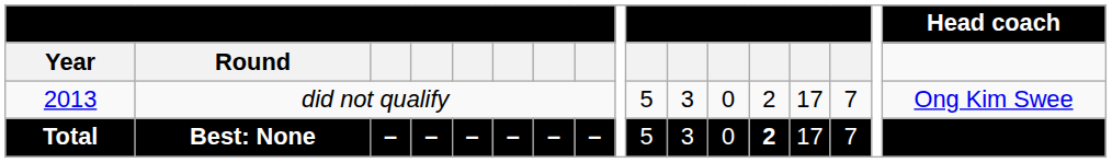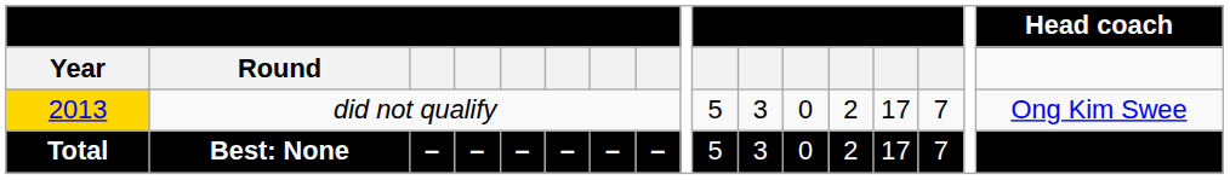 <table class="wikitable" style="text-align:center;">
 <tr>
 <th colspan=8 style="background: #000000; color: #FFFFFF;"><a href='#'></a></th>
 <th style="width:1%; background:#FFFFFF;" rowspan="25"></th>
 <th colspan=6 style="background: #000000; color: #FFFFFF;"><a href='#'></a></th>
 <th style="width:1%; background:#FFFFFF;" rowspan="25"></th>
 <th colspan=2 style="background: #000000; color: #FFFFFF;">Head coach</th>
 </tr>
 <tr>
 <th width=80>Year</th>
 <th width=150>Round</th>
 <th width=20></th>
 <th width="20"></th>
 <th width="20"></th>
 <th width="20"></th>
 <th width="20"></th>
 <th width="20"></th>
 <th width="20"></th>
 <th width="20"></th>
 <th width="20"></th>
 <th width="20"></th>
 <th width="20"></th>
 <th width="20"></th>
 </tr>
 <tr>
-<td> <a href='#'>2013</a></td>
+<td style="background: gold;"> <a href='#'>2013</a></td>
 <td colspan="7"><em>did not qualify</em></td>
 <td>5</td>
 <td>3</td>
 <td>0</td>
 <td>2</td>
 <td>17</td>
 <td>7</td>
 <td> <a href='#'>Ong Kim Swee</a></td>
 </tr>
 <tr>
 <td style="background: #000000; color: #FFFFFF;"><strong>Total</strong></td>
 <td style="background: #000000; color: #FFFFFF;"><strong>Best: None</strong></td>
 <td style="background: #000000; color: #FFFFFF;"><strong>–</strong></td>
 <td style="background: #000000; color: #FFFFFF;"><strong>–</strong></td>
 <td style="background: #000000; color: #FFFFFF;"><strong>–</strong></td>
 <td style="background: #000000; color: #FFFFFF;"><strong>–</strong></td>
 <td style="background: #000000; color: #FFFFFF;"><strong>–</strong></td>
 <td style="background: #000000; color: #FFFFFF;"><strong>–</strong></td>
 <td style="background: #000000; color: #FFFFFF;">5</td>
 <td style="background: #000000; color: #FFFFFF;">3</td>
 <td style="background: #000000; color: #FFFFFF;">0</td>
-<td style="background: #000000; color: #FFFFFF;"><strong>2</strong></td>
+<td style="background: #000000; color: #FFFFFF;">2</td>
 <td style="background: #000000; color: #FFFFFF;">17</td>
 <td style="background: #000000; color: #FFFFFF;">7</td>
 <td style="background: #000000; color: #FFFFFF;"></td>
 </tr>
 </table>
